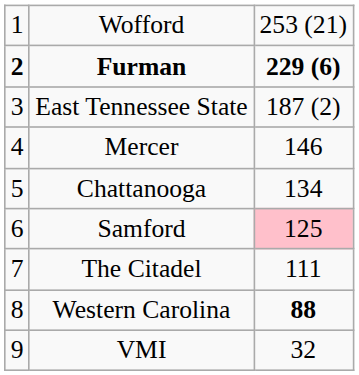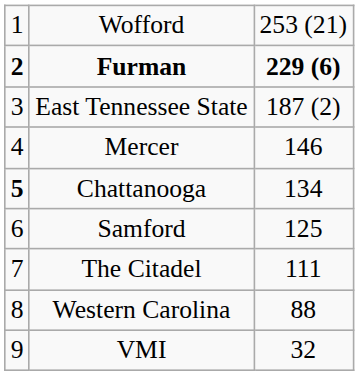 <table class="wikitable" style="display: inline-table;">
 <tr align="center">
 <td>1</td>
 <td>Wofford</td>
 <td>253 (21)</td>
 </tr>
 <tr align="center">
 <td><strong>2</strong></td>
 <td><strong>Furman</strong></td>
 <td><strong>229 (6)</strong></td>
 </tr>
 <tr align="center">
 <td>3</td>
 <td>East Tennessee State</td>
 <td>187 (2)</td>
 </tr>
 <tr align="center">
 <td>4</td>
 <td>Mercer</td>
 <td>146</td>
 </tr>
 <tr align="center">
-<td>5</td>
+<td><strong>5</strong></td>
 <td>Chattanooga</td>
 <td>134</td>
 </tr>
 <tr align="center">
 <td>6</td>
 <td>Samford</td>
-<td style="background: pink;">125</td>
+<td>125</td>
 </tr>
 <tr align="center">
 <td>7</td>
 <td>The Citadel</td>
 <td>111</td>
 </tr>
 <tr align="center">
 <td>8</td>
 <td>Western Carolina</td>
-<td><strong>88</strong></td>
+<td>88</td>
 </tr>
 <tr align="center">
 <td>9</td>
 <td>VMI</td>
 <td>32</td>
 </tr>
 </table>
